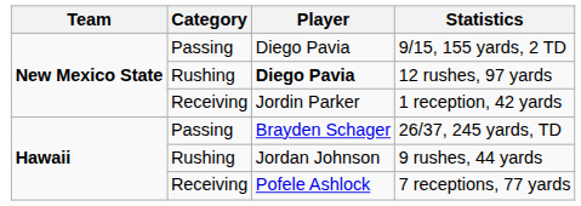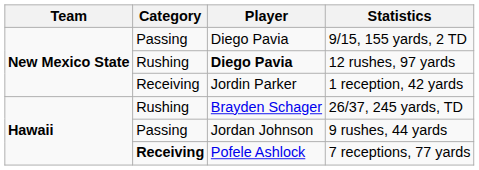 <table class="wikitable" style="float: right;">
 <tr>
 <th>Team</th>
 <th>Category</th>
 <th>Player</th>
 <th>Statistics</th>
 </tr>
 <tr>
 <td rowspan=3><strong>New Mexico State</strong></td>
 <td>Passing</td>
 <td>Diego Pavia</td>
 <td>9/15, 155 yards, 2 TD</td>
 </tr>
 <tr>
 <td>Rushing</td>
 <td><strong>Diego Pavia</strong></td>
 <td>12 rushes, 97 yards</td>
 </tr>
 <tr>
 <td>Receiving</td>
 <td>Jordin Parker</td>
 <td>1 reception, 42 yards</td>
 </tr>
 <tr>
 <td rowspan=3><strong>Hawaii</strong></td>
-<td>Passing</td>
+<td>Rushing</td>
 <td><a href='#'>Brayden Schager</a></td>
 <td>26/37, 245 yards, TD</td>
 </tr>
 <tr>
-<td>Rushing</td>
+<td>Passing</td>
 <td>Jordan Johnson</td>
 <td>9 rushes, 44 yards</td>
 </tr>
 <tr>
-<td>Receiving</td>
+<td><strong>Receiving</strong></td>
 <td><a href='#'>Pofele Ashlock</a></td>
 <td>7 receptions, 77 yards</td>
 </tr>
 </table>
